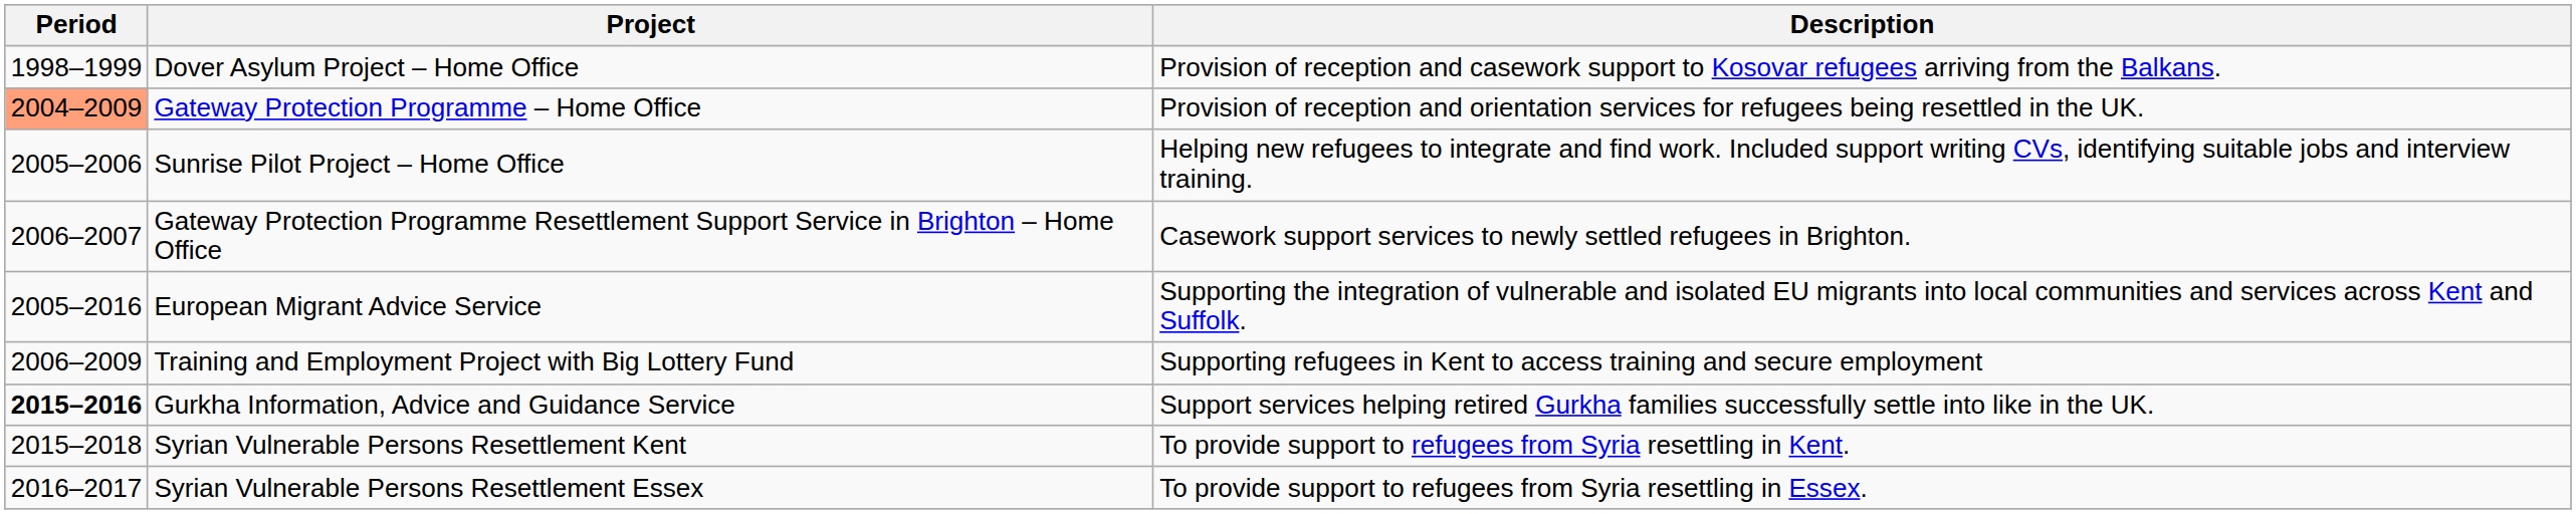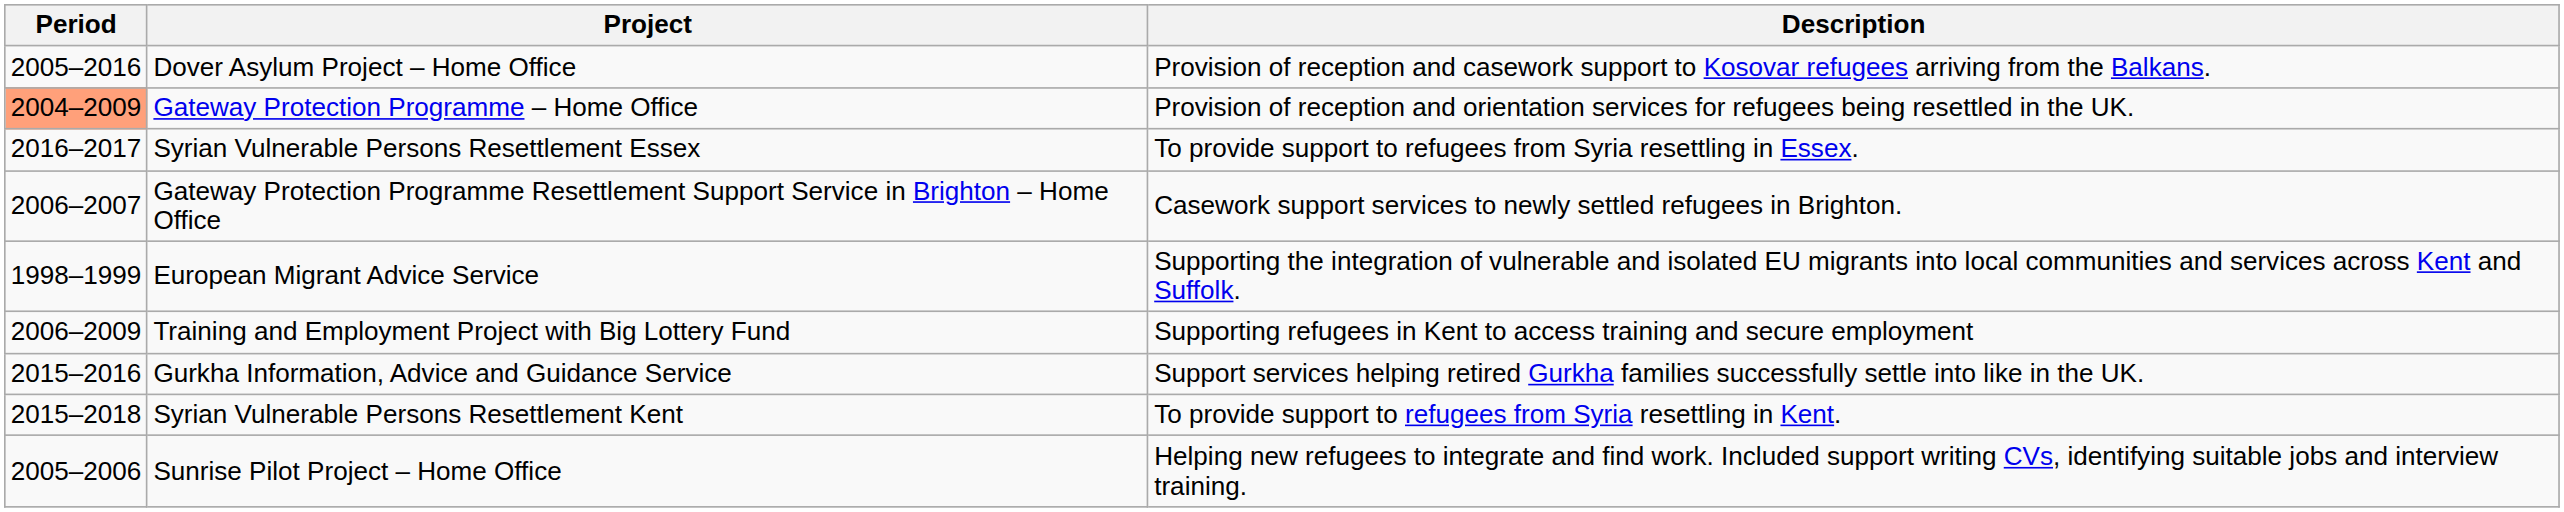 <table class="wikitable">
 <tr>
 <th>Period</th>
 <th>Project</th>
 <th>Description</th>
 </tr>
 <tr>
-<td>1998‍–‍1999</td>
+<td>2005‍–‍2016</td>
 <td>Dover Asylum Project – Home Office</td>
 <td>Provision of reception and casework support to <a href='#'>Kosovar refugees</a> arriving from the <a href='#'>Balkans</a>.</td>
 </tr>
 <tr>
 <td style="background: lightsalmon;">2004‍–‍2009</td>
 <td><a href='#'>Gateway Protection Programme</a> – Home Office</td>
 <td>Provision of reception and orientation services for refugees being resettled in the UK.</td>
 </tr>
 <tr>
-<td>2005‍–‍2006</td>
-<td>Sunrise Pilot Project – Home Office</td>
-<td>Helping new refugees to integrate and find work. Included support writing <a href='#'>CVs</a>, identifying suitable jobs and interview training.</td>
+<td>2016‍–‍2017</td>
+<td>Syrian Vulnerable Persons Resettlement Essex</td>
+<td>To provide support to refugees from Syria resettling in <a href='#'>Essex</a>.</td>
 </tr>
 <tr>
 <td>2006‍–‍2007</td>
 <td>Gateway Protection Programme Resettlement Support Service in <a href='#'>Brighton</a> – Home Office</td>
 <td>Casework support services to newly settled refugees in Brighton.</td>
 </tr>
 <tr>
-<td>2005‍–‍2016</td>
+<td>1998‍–‍1999</td>
 <td>European Migrant Advice Service</td>
 <td>Supporting the integration of vulnerable and isolated EU migrants into local communities and services across <a href='#'>Kent</a> and <a href='#'>Suffolk</a>.</td>
 </tr>
 <tr>
 <td>2006‍–‍2009</td>
 <td>Training and Employment Project with Big Lottery Fund</td>
 <td>Supporting refugees in Kent to access training and secure employment</td>
 </tr>
 <tr>
-<td><strong>2015‍–‍2016</strong></td>
+<td>2015‍–‍2016</td>
 <td>Gurkha Information, Advice and Guidance Service</td>
 <td>Support services helping retired <a href='#'>Gurkha</a> families successfully settle into like in the UK.</td>
 </tr>
 <tr>
 <td>2015‍–‍2018</td>
 <td>Syrian Vulnerable Persons Resettlement Kent</td>
 <td>To provide support to <a href='#'>refugees from Syria</a> resettling in <a href='#'>Kent</a>.</td>
 </tr>
 <tr>
-<td>2016‍–‍2017</td>
-<td>Syrian Vulnerable Persons Resettlement Essex</td>
-<td>To provide support to refugees from Syria resettling in <a href='#'>Essex</a>.</td>
+<td>2005‍–‍2006</td>
+<td>Sunrise Pilot Project – Home Office</td>
+<td>Helping new refugees to integrate and find work. Included support writing <a href='#'>CVs</a>, identifying suitable jobs and interview training.</td>
 </tr>
 </table>
